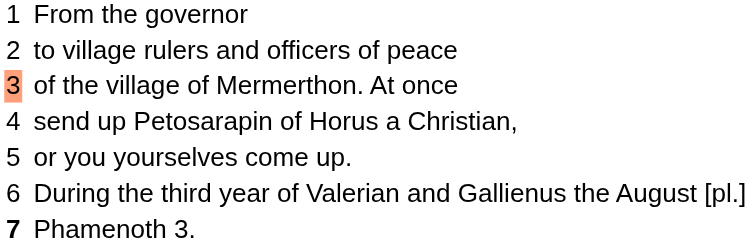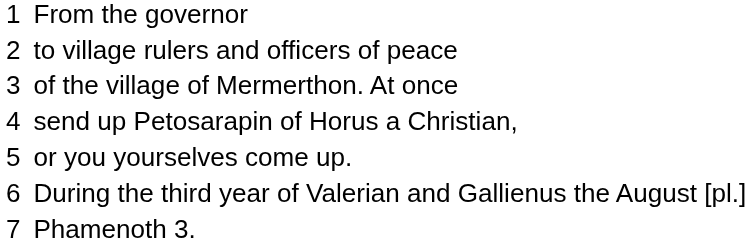 <table>
 <tr>
 <td>1</td>
 <td></td>
 <td>From the governor</td>
 </tr>
 <tr>
 <td>2</td>
 <td></td>
 <td>to village rulers and officers of peace</td>
 </tr>
 <tr>
-<td style="background: lightsalmon;">3</td>
+<td>3</td>
 <td></td>
 <td>of the village of Mermerthon. At once</td>
 </tr>
 <tr>
 <td>4</td>
 <td></td>
 <td>send up Petosarapin of Horus a Christian,</td>
 </tr>
 <tr>
 <td>5</td>
 <td></td>
 <td>or you yourselves come up.</td>
 </tr>
 <tr>
 <td>6</td>
 <td></td>
 <td>During the third year of Valerian and Gallienus the August [pl.]</td>
 </tr>
 <tr>
-<td><strong>7</strong></td>
+<td>7</td>
 <td></td>
 <td>Phamenoth 3.</td>
 </tr>
 <tr>
 </tr>
 </table>
